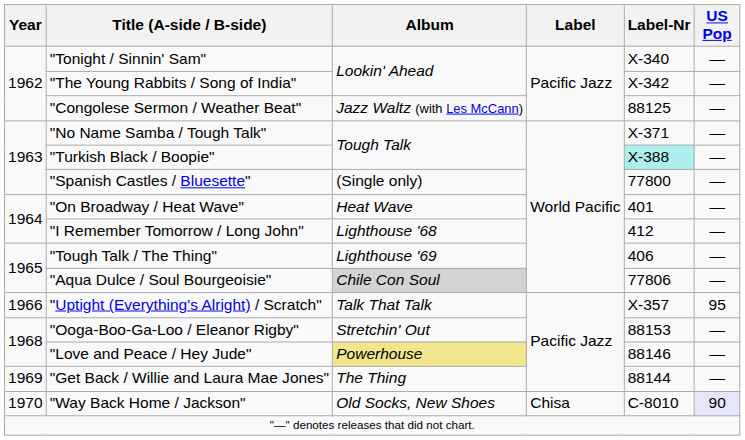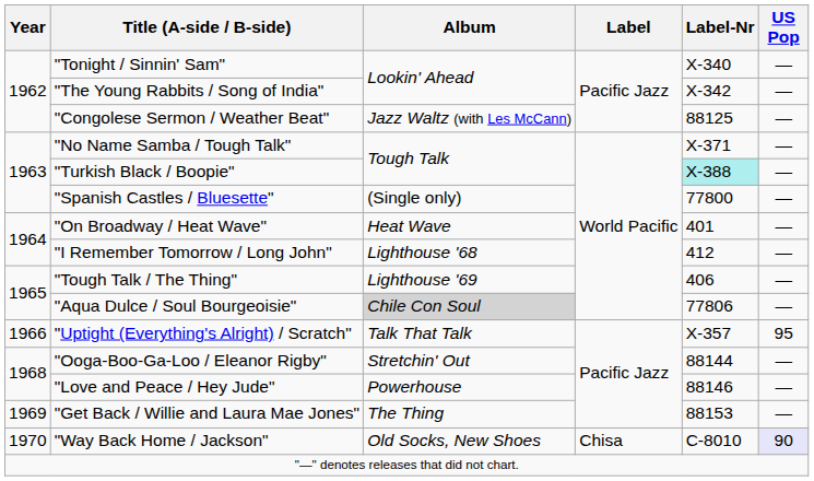 <table class="wikitable">
 <tr>
 <th>Year</th>
 <th>Title (A-side / B-side)</th>
 <th>Album</th>
 <th>Label</th>
 <th>Label-Nr</th>
 <th style="width:40px;"><a href='#'>US Pop</a><br></th>
 </tr>
 <tr>
 <td rowspan="3">1962</td>
 <td>"Tonight / Sinnin' Sam"</td>
 <td rowspan="2"><em>Lookin' Ahead</em></td>
 <td rowspan="3">Pacific Jazz</td>
 <td>X-340</td>
 <td align=center>—</td>
 </tr>
 <tr>
 <td>"The Young Rabbits / Song of India"</td>
 <td>X-342</td>
 <td align=center>—</td>
 </tr>
 <tr>
 <td>"Congolese Sermon / Weather Beat"</td>
 <td><em>Jazz Waltz</em> <small>(with <a href='#'>Les McCann</a>)</small></td>
 <td>88125</td>
 <td align=center>—</td>
 </tr>
 <tr>
 <td rowspan="3">1963</td>
 <td>"No Name Samba / Tough Talk"</td>
 <td rowspan="2"><em>Tough Talk</em></td>
 <td rowspan="7">World Pacific</td>
 <td>X-371</td>
 <td align=center>—</td>
 </tr>
 <tr>
 <td>"Turkish Black / Boopie"</td>
 <td style="background: paleturquoise;">X-388</td>
 <td align=center>—</td>
 </tr>
 <tr>
 <td>"Spanish Castles / <a href='#'>Bluesette</a>"</td>
 <td>(Single only)</td>
 <td>77800</td>
 <td align=center>—</td>
 </tr>
 <tr>
 <td rowspan="2">1964</td>
 <td>"On Broadway / Heat Wave"</td>
 <td><em>Heat Wave</em></td>
 <td>401</td>
 <td align=center>—</td>
 </tr>
 <tr>
 <td>"I Remember Tomorrow / Long John"</td>
 <td><em>Lighthouse '68</em></td>
 <td>412</td>
 <td align=center>—</td>
 </tr>
 <tr>
 <td rowspan="2">1965</td>
 <td>"Tough Talk / The Thing"</td>
 <td><em>Lighthouse '69</em></td>
 <td>406</td>
 <td align=center>—</td>
 </tr>
 <tr>
 <td>"Aqua Dulce / Soul Bourgeoisie"</td>
 <td style="background: lightgrey;"><em>Chile Con Soul</em></td>
 <td>77806</td>
 <td align=center>—</td>
 </tr>
 <tr>
 <td>1966</td>
 <td>"<a href='#'>Uptight (Everything's Alright)</a> / Scratch"</td>
 <td><em>Talk That Talk</em></td>
 <td rowspan="4">Pacific Jazz</td>
 <td>X-357</td>
 <td align=center>95</td>
 </tr>
 <tr>
 <td rowspan="2">1968</td>
 <td>"Ooga-Boo-Ga-Loo / Eleanor Rigby"</td>
 <td><em>Stretchin' Out</em></td>
-<td>88153</td>
+<td>88144</td>
 <td align=center>—</td>
 </tr>
 <tr>
 <td>"Love and Peace / Hey Jude"</td>
-<td style="background: khaki;"><em>Powerhouse</em></td>
+<td><em>Powerhouse</em></td>
 <td>88146</td>
 <td align=center>—</td>
 </tr>
 <tr>
 <td>1969</td>
 <td>"Get Back / Willie and Laura Mae Jones"</td>
 <td><em>The Thing</em></td>
-<td>88144</td>
+<td>88153</td>
 <td align=center>—</td>
 </tr>
 <tr>
 <td>1970</td>
 <td>"Way Back Home / Jackson"</td>
 <td><em>Old Socks, New Shoes</em></td>
 <td>Chisa</td>
 <td>C-8010</td>
 <td align=center style="background: lavender;">90</td>
 </tr>
 <tr>
 <td colspan="6" style="text-align:center; font-size:9pt;">"—" denotes releases that did not chart.</td>
 </tr>
 </table>
